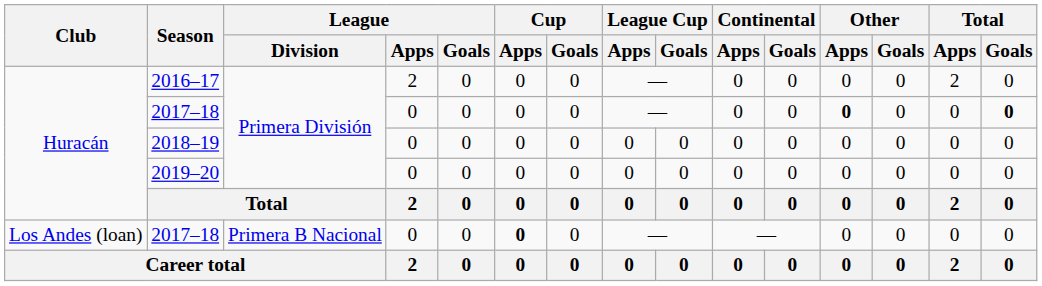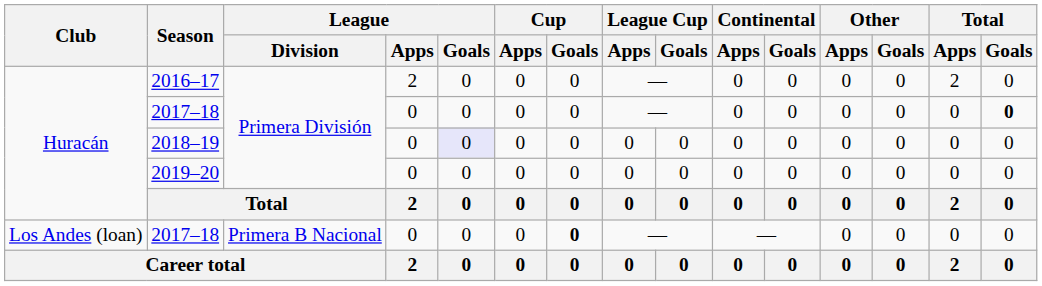 <table class="wikitable" style="text-align:center">
 <tr>
 <th rowspan="2">Club</th>
 <th rowspan="2">Season</th>
 <th colspan="3">League</th>
 <th colspan="2">Cup</th>
 <th colspan="2">League Cup</th>
 <th colspan="2">Continental</th>
 <th colspan="2">Other</th>
 <th colspan="2">Total</th>
 </tr>
 <tr>
 <th>Division</th>
 <th>Apps</th>
 <th>Goals</th>
 <th>Apps</th>
 <th>Goals</th>
 <th>Apps</th>
 <th>Goals</th>
 <th>Apps</th>
 <th>Goals</th>
 <th>Apps</th>
 <th>Goals</th>
 <th>Apps</th>
 <th>Goals</th>
 </tr>
 <tr>
 <td rowspan="5"><a href='#'>Huracán</a></td>
 <td><a href='#'>2016–17</a></td>
 <td rowspan="4"><a href='#'>Primera División</a></td>
 <td>2</td>
 <td>0</td>
 <td>0</td>
 <td>0</td>
 <td colspan="2">—</td>
 <td>0</td>
 <td>0</td>
 <td>0</td>
 <td>0</td>
 <td>2</td>
 <td>0</td>
 </tr>
 <tr>
 <td><a href='#'>2017–18</a></td>
 <td>0</td>
 <td>0</td>
 <td>0</td>
 <td>0</td>
 <td colspan="2">—</td>
 <td>0</td>
 <td>0</td>
-<td><strong>0</strong></td>
+<td>0</td>
 <td>0</td>
 <td>0</td>
 <td><strong>0</strong></td>
 </tr>
 <tr>
 <td><a href='#'>2018–19</a></td>
 <td>0</td>
-<td>0</td>
+<td style="background: lavender;">0</td>
 <td>0</td>
 <td>0</td>
 <td>0</td>
 <td>0</td>
 <td>0</td>
 <td>0</td>
 <td>0</td>
 <td>0</td>
 <td>0</td>
 <td>0</td>
 </tr>
 <tr>
 <td><a href='#'>2019–20</a></td>
 <td>0</td>
 <td>0</td>
 <td>0</td>
 <td>0</td>
 <td>0</td>
 <td>0</td>
 <td>0</td>
 <td>0</td>
 <td>0</td>
 <td>0</td>
 <td>0</td>
 <td>0</td>
 </tr>
 <tr>
 <th colspan="2">Total</th>
 <th>2</th>
 <th>0</th>
 <th>0</th>
 <th>0</th>
 <th>0</th>
 <th>0</th>
 <th>0</th>
 <th>0</th>
 <th>0</th>
 <th>0</th>
 <th>2</th>
 <th>0</th>
 </tr>
 <tr>
 <td rowspan="1"><a href='#'>Los Andes</a> (loan)</td>
 <td><a href='#'>2017–18</a></td>
 <td rowspan="1"><a href='#'>Primera B Nacional</a></td>
 <td>0</td>
 <td>0</td>
+<td>0</td>
 <td><strong>0</strong></td>
-<td>0</td>
 <td colspan="2">—</td>
 <td colspan="2">—</td>
 <td>0</td>
 <td>0</td>
 <td>0</td>
 <td>0</td>
 </tr>
 <tr>
 <th colspan="3">Career total</th>
 <th>2</th>
 <th>0</th>
 <th>0</th>
 <th>0</th>
 <th>0</th>
 <th>0</th>
 <th>0</th>
 <th>0</th>
 <th>0</th>
 <th>0</th>
 <th>2</th>
 <th>0</th>
 </tr>
 </table>
